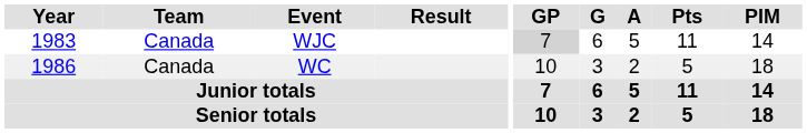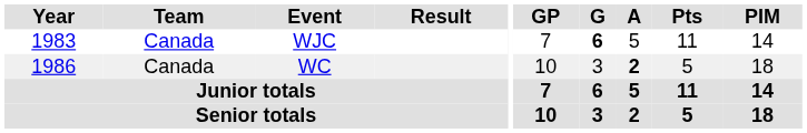 <table border="0" cellpadding="1" cellspacing="0" ID="Table3" style="text-align:center; width:40em">
 <tr ALIGN="center" bgcolor="#e0e0e0">
 <th>Year</th>
 <th>Team</th>
 <th>Event</th>
 <th>Result</th>
 <th rowspan="99" bgcolor="#ffffff"></th>
 <th>GP</th>
 <th>G</th>
 <th>A</th>
 <th>Pts</th>
 <th>PIM</th>
 </tr>
 <tr ALIGN="center">
 <td><a href='#'>1983</a></td>
 <td><a href='#'>Canada</a></td>
 <td><a href='#'>WJC</a></td>
 <td></td>
-<td style="background: lightgrey;">7</td>
-<td>6</td>
+<td>7</td>
+<td><strong>6</strong></td>
 <td>5</td>
 <td>11</td>
 <td>14</td>
 </tr>
 <tr ALIGN="center" bgcolor="#f0f0f0">
 <td><a href='#'>1986</a></td>
 <td>Canada</td>
 <td><a href='#'>WC</a></td>
 <td></td>
 <td>10</td>
 <td>3</td>
-<td>2</td>
+<td><strong>2</strong></td>
 <td>5</td>
 <td>18</td>
 </tr>
 <tr bgcolor="#e0e0e0">
 <th colspan="4">Junior totals</th>
 <th>7</th>
 <th>6</th>
 <th>5</th>
 <th>11</th>
 <th>14</th>
 </tr>
 <tr bgcolor="#e0e0e0">
 <th colspan="4">Senior totals</th>
 <th>10</th>
 <th>3</th>
 <th>2</th>
 <th>5</th>
 <th>18</th>
 </tr>
 </table>
